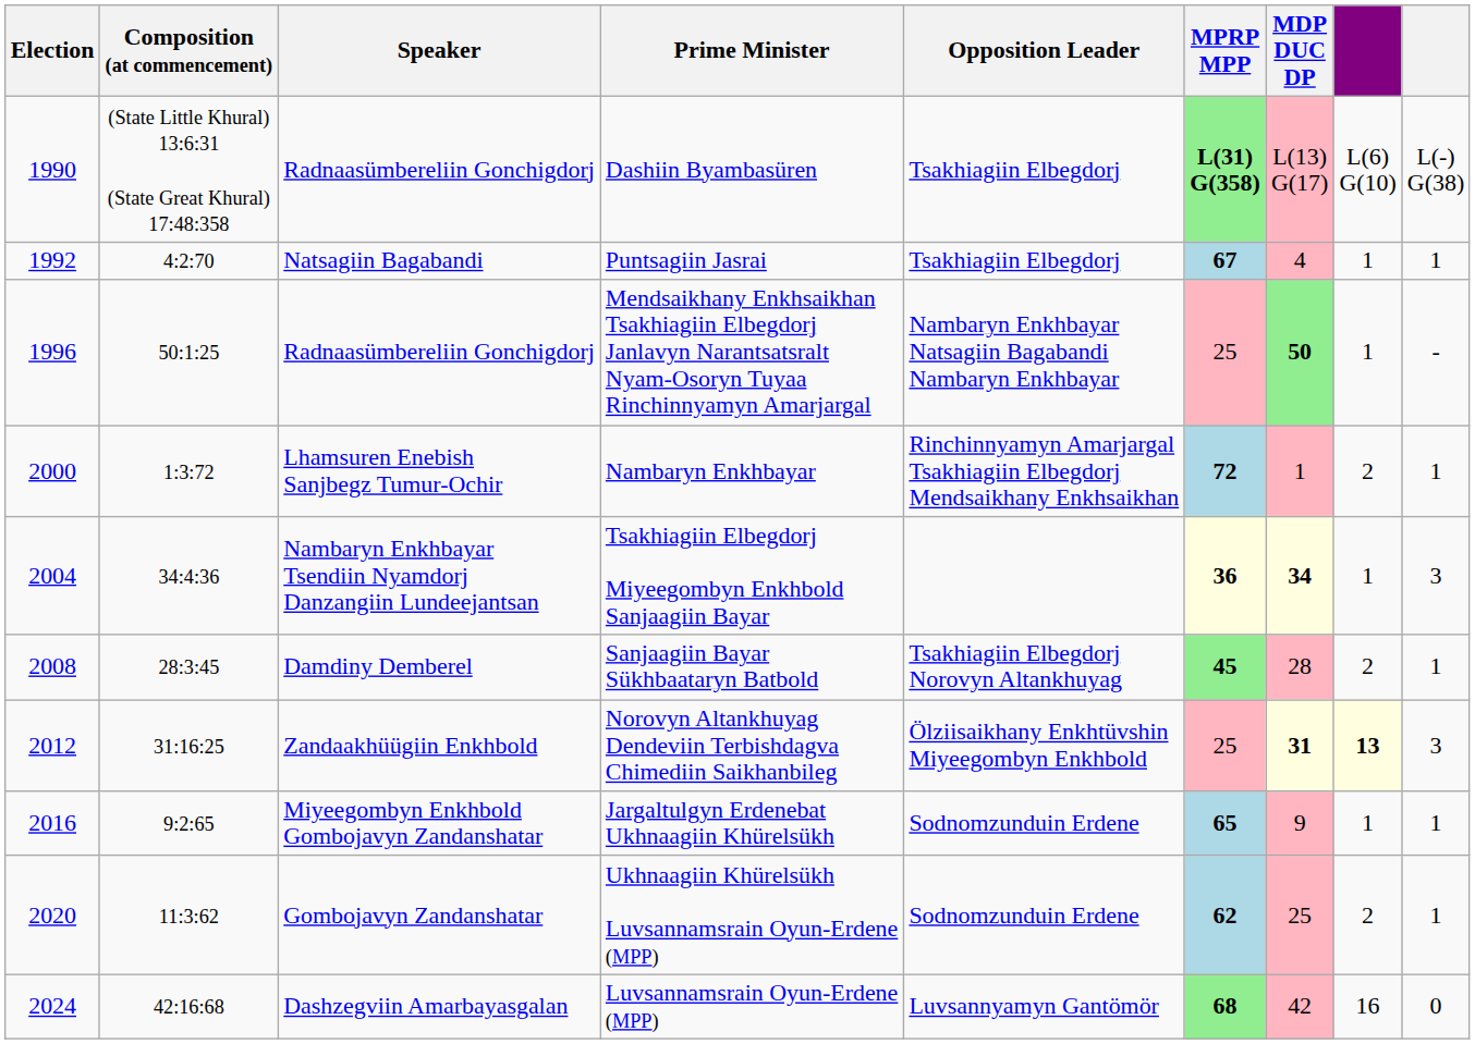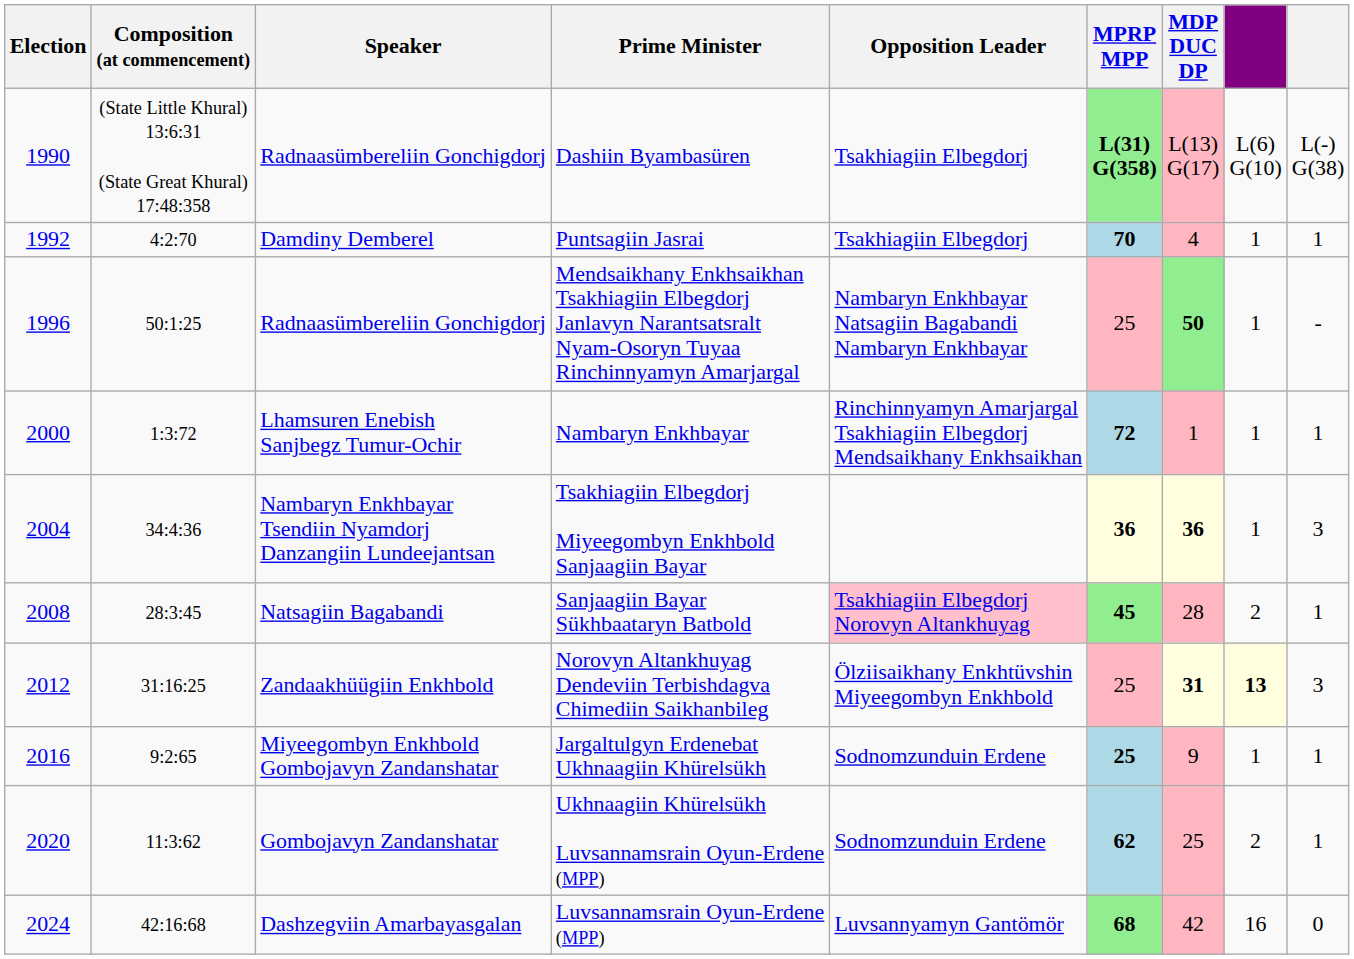 <table class="wikitable" style="font-size:100%; text-align:center">
 <tr align=center>
 <th>Election</th>
 <th>Composition<br><small>(at commencement)</small></th>
 <th>Speaker</th>
 <th>Prime Minister</th>
 <th>Opposition Leader</th>
 <th style="background:"><a href='#'><span>MPRP<br>MPP</span></a></th>
 <th ! style="background:"><a href='#'><span>MDP<br>DUC<br>DP</span></a></th>
 <th ! style="background:purple; width:30px;"><span></span></th>
 <th ! style="background:"></th>
 </tr>
 <tr>
 <td align=center><a href='#'>1990</a></td>
 <td><small>(State Little Khural)<br><span>13</span>:<span>6</span>:<span>31</span></small><br><br><small>(State Great Khural)<br><span>17</span>:<span>48</span>:<span>358</span></small><br></td>
 <td align=left><a href='#'>Radnaasümbereliin Gonchigdorj</a></td>
 <td align=left><a href='#'>Dashiin Byambasüren</a><br></td>
 <td align=left><a href='#'>Tsakhiagiin Elbegdorj</a><br></td>
 <td style="background:lightgreen;"><strong>L(31)<br>G(358)</strong></td>
 <td style="background:lightpink;">L(13)<br>G(17)</td>
 <td>L(6)<br>G(10)</td>
 <td>L(-)<br>G(38)</td>
 </tr>
 <tr>
 <td align=center><a href='#'>1992</a></td>
 <td><small><span>4</span>:<span>2</span>:<span>70</span></small><br></td>
-<td align=left><a href='#'>Natsagiin Bagabandi</a></td>
+<td align=left><a href='#'>Damdiny Demberel</a></td>
 <td align=left><a href='#'>Puntsagiin Jasrai</a><br></td>
 <td align=left><a href='#'>Tsakhiagiin Elbegdorj</a><br></td>
-<td style="background:lightblue;"><strong>67</strong></td>
+<td style="background:lightblue;"><strong>70</strong></td>
 <td style="background:lightpink;">4</td>
 <td>1</td>
 <td>1</td>
 </tr>
 <tr>
 <td align=center><a href='#'>1996</a></td>
 <td><small><span>50</span>:<span>1</span>:<span>25</span></small><br></td>
 <td align=left><a href='#'>Radnaasümbereliin Gonchigdorj</a></td>
 <td align=left><a href='#'>Mendsaikhany Enkhsaikhan</a> <br><a href='#'>Tsakhiagiin Elbegdorj</a> <br><a href='#'>Janlavyn Narantsatsralt</a> <br><a href='#'>Nyam-Osoryn Tuyaa</a> <br><a href='#'>Rinchinnyamyn Amarjargal</a> <br></td>
 <td align=left><a href='#'>Nambaryn Enkhbayar</a> <br><a href='#'>Natsagiin Bagabandi</a> <br><a href='#'>Nambaryn Enkhbayar</a> <br></td>
 <td style="background:lightpink;">25</td>
 <td style="background:lightgreen;"><strong>50</strong></td>
 <td>1</td>
 <td>-</td>
 </tr>
 <tr>
 <td align=center><a href='#'>2000</a></td>
 <td><small><span>1</span>:<span>3</span>:<span>72</span></small><br></td>
 <td align=left><a href='#'>Lhamsuren Enebish</a> <br><a href='#'>Sanjbegz Tumur-Ochir</a> </td>
 <td align=left><a href='#'>Nambaryn Enkhbayar</a><br></td>
 <td align=left><a href='#'>Rinchinnyamyn Amarjargal</a> <br><a href='#'>Tsakhiagiin Elbegdorj</a> <br><a href='#'>Mendsaikhany Enkhsaikhan</a> <br></td>
 <td style="background:lightblue;"><strong>72</strong></td>
 <td style="background:lightpink;">1</td>
-<td>2</td>
+<td>1</td>
 <td>1</td>
 </tr>
 <tr>
 <td align=center><a href='#'>2004</a></td>
 <td><small><span>34</span>:<span>4</span>:<span>36</span></small><br></td>
 <td align=left><a href='#'>Nambaryn Enkhbayar</a> <br><a href='#'>Tsendiin Nyamdorj</a> <br><a href='#'>Danzangiin Lundeejantsan</a> </td>
 <td align=left><a href='#'>Tsakhiagiin Elbegdorj</a> <br><br><a href='#'>Miyeegombyn Enkhbold</a> <br><a href='#'>Sanjaagiin Bayar</a> <br></td>
 <td></td>
 <td style="background:lightyellow;"><strong>36</strong></td>
-<td style="background:lightyellow;"><strong>34</strong></td>
+<td style="background:lightyellow;"><strong>36</strong></td>
 <td>1</td>
 <td>3</td>
 </tr>
 <tr>
 <td align=center><a href='#'>2008</a></td>
 <td><small><span>28</span>:<span>3</span>:<span>45</span></small><br></td>
-<td align=left><a href='#'>Damdiny Demberel</a></td>
+<td align=left><a href='#'>Natsagiin Bagabandi</a></td>
 <td align=left><a href='#'>Sanjaagiin Bayar</a> <br><a href='#'>Sükhbaataryn Batbold</a> <br></td>
-<td align=left><a href='#'>Tsakhiagiin Elbegdorj</a> <br><a href='#'>Norovyn Altankhuyag</a> <br></td>
+<td align=left style="background: pink;"><a href='#'>Tsakhiagiin Elbegdorj</a> <br><a href='#'>Norovyn Altankhuyag</a> <br></td>
 <td style="background:lightgreen;"><strong>45</strong></td>
 <td style="background:lightpink;">28</td>
 <td>2</td>
 <td>1</td>
 </tr>
 <tr>
 <td align=center><a href='#'>2012</a></td>
 <td><small><span>31</span>:<span>16</span>:<span>25</span></small><br></td>
 <td align=left><a href='#'>Zandaakhüügiin Enkhbold</a></td>
 <td align=left><a href='#'>Norovyn Altankhuyag</a> <br><a href='#'>Dendeviin Terbishdagva</a> <br><a href='#'>Chimediin Saikhanbileg</a> <br></td>
 <td align=left><a href='#'>Ölziisaikhany Enkhtüvshin</a> <br><a href='#'>Miyeegombyn Enkhbold</a> <br></td>
 <td style="background:lightpink;">25</td>
 <td style="background:lightyellow;"><strong>31</strong></td>
 <td style="background:lightyellow;"><strong>13</strong></td>
 <td>3</td>
 </tr>
 <tr>
 <td align=center><a href='#'>2016</a></td>
 <td><small><span>9</span>:<span>2</span>:<span>65</span></small><br></td>
 <td align=left><a href='#'>Miyeegombyn Enkhbold</a> <br><a href='#'>Gombojavyn Zandanshatar</a> </td>
 <td align=left><a href='#'>Jargaltulgyn Erdenebat</a> <br><a href='#'>Ukhnaagiin Khürelsükh</a> <br></td>
 <td align=left><a href='#'>Sodnomzunduin Erdene</a><br></td>
-<td style="background:lightblue;"><strong>65</strong></td>
+<td style="background:lightblue;"><strong>25</strong></td>
 <td style="background:lightpink;">9</td>
 <td>1</td>
 <td>1</td>
 </tr>
 <tr>
 <td align=center><a href='#'>2020</a></td>
 <td><small><span>11</span>:<span>3</span>:<span>62</span></small><br></td>
 <td align=left><a href='#'>Gombojavyn Zandanshatar</a></td>
 <td align=left><a href='#'>Ukhnaagiin Khürelsükh</a><br><br><a href='#'>Luvsannamsrain Oyun-Erdene</a><br><small>(<a href='#'>MPP</a>)</small></td>
 <td align=left><a href='#'>Sodnomzunduin Erdene</a><br></td>
 <td style="background:lightblue;"><strong>62</strong></td>
 <td style="background:lightpink;">25</td>
 <td>2</td>
 <td>1</td>
 </tr>
 <tr>
 <td><a href='#'>2024</a></td>
 <td><small><span>42</span>:<span>16</span>:<span>68</span></small><br></td>
 <td align=left><a href='#'>Dashzegviin Amarbayasgalan</a></td>
 <td align=left><a href='#'>Luvsannamsrain Oyun-Erdene</a><br><small>(<a href='#'>MPP</a>)</small></td>
 <td align=left><a href='#'>Luvsannyamyn Gantömör</a><br></td>
 <td style="background:lightgreen;"><strong>68</strong></td>
 <td style="background:lightpink;">42</td>
 <td>16</td>
 <td>0</td>
 </tr>
 </table>
